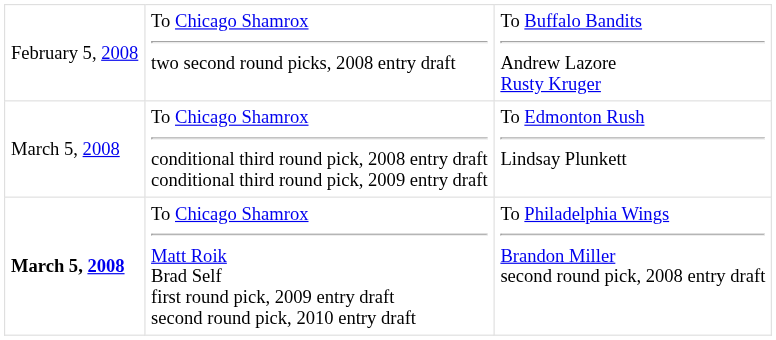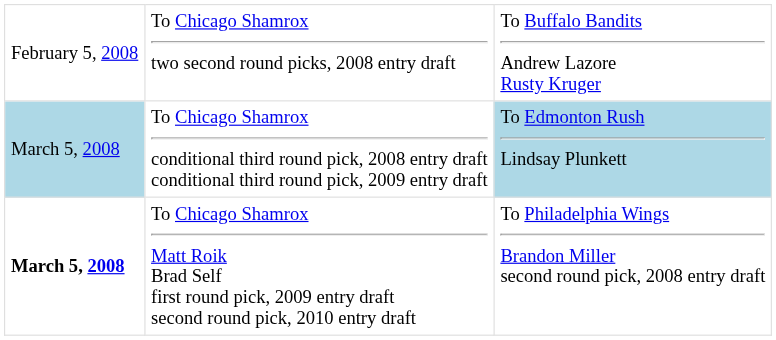 <table border=1 style="border-collapse:collapse" bordercolor="#DFDFDF"  cellpadding="5">
 <tr>
 <td>February 5, <a href='#'>2008</a><br></td>
 <td valign="top">To <a href='#'>Chicago Shamrox</a> <hr>two second round picks, 2008 entry draft</td>
 <td valign="top">To <a href='#'>Buffalo Bandits</a> <hr> Andrew Lazore<br><a href='#'>Rusty Kruger</a></td>
 </tr>
 <tr>
-<td>March 5, <a href='#'>2008</a><br></td>
+<td style="background: lightblue;">March 5, <a href='#'>2008</a><br></td>
 <td valign="top">To <a href='#'>Chicago Shamrox</a> <hr>conditional third round pick, 2008 entry draft<br>conditional third round pick, 2009 entry draft</td>
-<td valign="top">To <a href='#'>Edmonton Rush</a> <hr> Lindsay Plunkett</td>
+<td valign="top" style="background: lightblue;">To <a href='#'>Edmonton Rush</a> <hr> Lindsay Plunkett</td>
 </tr>
 <tr>
 <td><strong>March 5, <a href='#'>2008</a><br></strong></td>
 <td valign="top">To <a href='#'>Chicago Shamrox</a> <hr><a href='#'>Matt Roik</a><br>Brad Self<br>first round pick, 2009 entry draft<br>second round pick, 2010 entry draft</td>
 <td valign="top">To <a href='#'>Philadelphia Wings</a> <hr> <a href='#'>Brandon Miller</a><br>second round pick, 2008 entry draft</td>
 </tr>
 </table>
